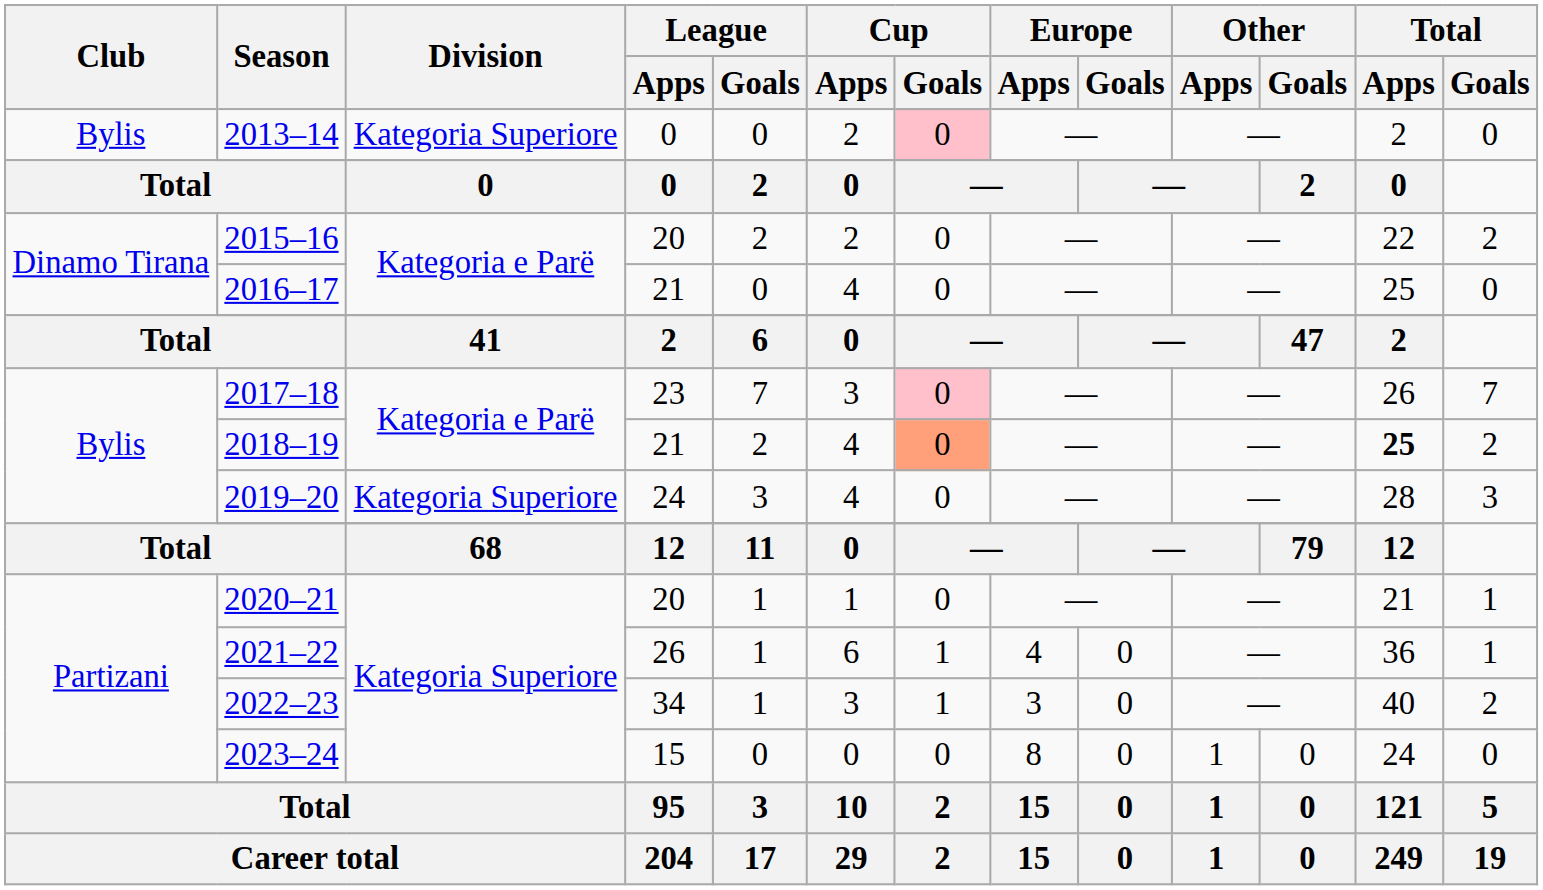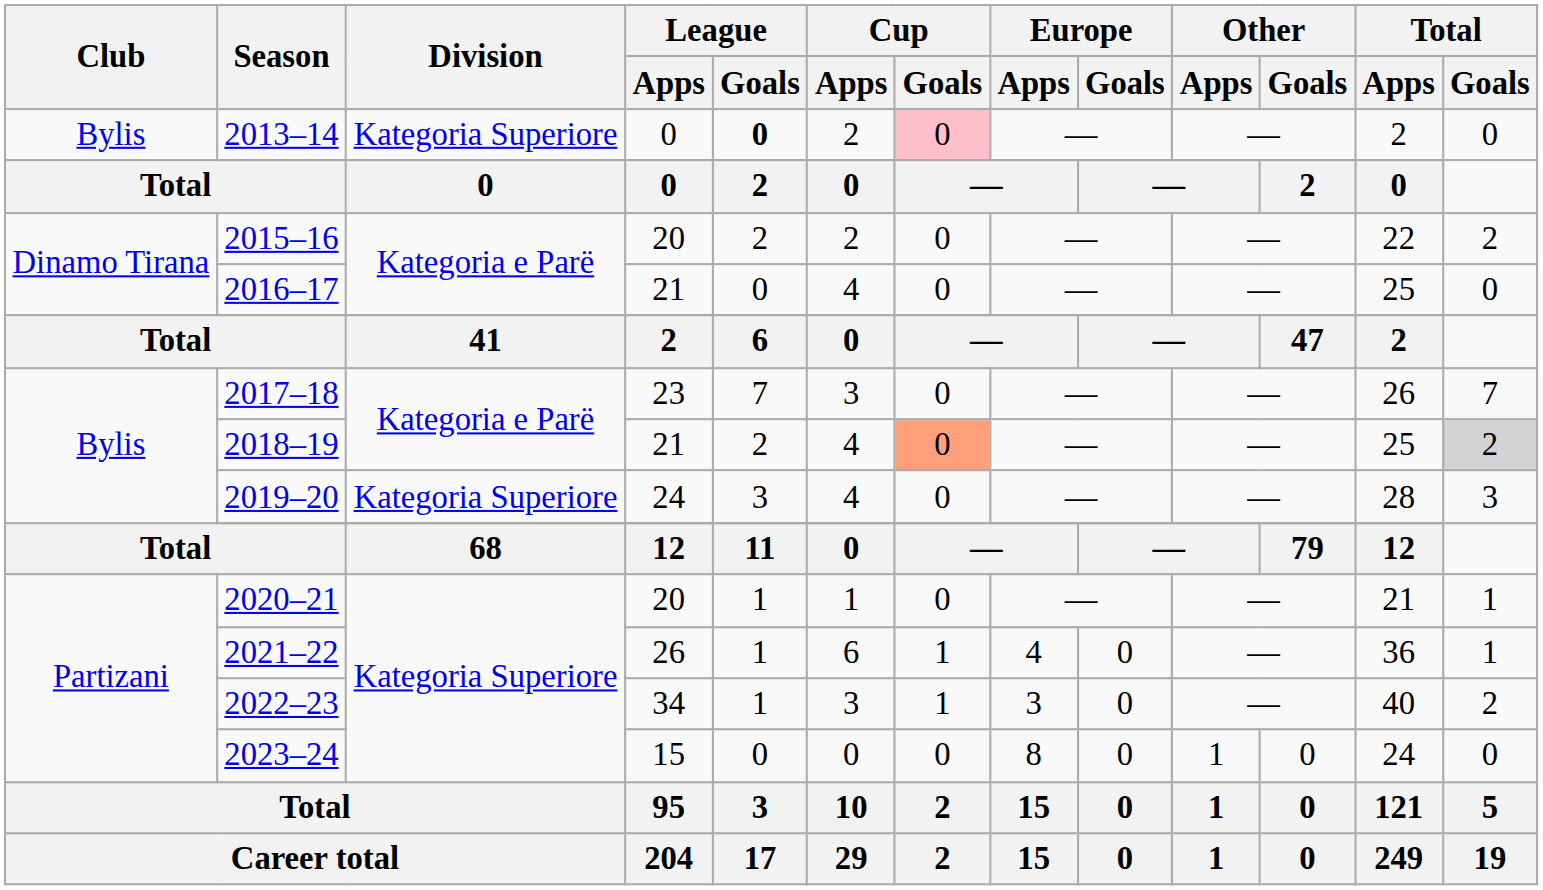 <table class="wikitable" style="text-align: center;">
 <tr>
 <th rowspan="2">Club</th>
 <th rowspan="2">Season</th>
 <th rowspan="2">Division</th>
 <th colspan="2">League</th>
 <th colspan="2">Cup</th>
 <th colspan="2">Europe</th>
 <th colspan="2">Other</th>
 <th colspan="2">Total</th>
 </tr>
 <tr>
 <th>Apps</th>
 <th>Goals</th>
 <th>Apps</th>
 <th>Goals</th>
 <th>Apps</th>
 <th>Goals</th>
 <th>Apps</th>
 <th>Goals</th>
 <th>Apps</th>
 <th>Goals</th>
 </tr>
 <tr>
 <td rowspan="2" valign="center"><a href='#'>Bylis</a></td>
 <td><a href='#'>2013–14</a></td>
 <td rowspan="1"><a href='#'>Kategoria Superiore</a></td>
 <td>0</td>
-<td>0</td>
+<td><strong>0</strong></td>
 <td>2</td>
 <td style="background: pink;">0</td>
 <td colspan="2">—</td>
 <td colspan="2">—</td>
 <td>2</td>
 <td>0</td>
 </tr>
 <tr>
 </tr>
 <tr>
 <th colspan="2" valign="center">Total</th>
 <th>0</th>
 <th>0</th>
 <th>2</th>
 <th>0</th>
 <th colspan="2">—</th>
 <th colspan="2">—</th>
 <th>2</th>
 <th>0</th>
 </tr>
 <tr>
 <td rowspan="3" valign="center"><a href='#'>Dinamo Tirana</a></td>
 <td><a href='#'>2015–16</a></td>
 <td rowspan="2"><a href='#'>Kategoria e Parë</a></td>
 <td>20</td>
 <td>2</td>
 <td>2</td>
 <td>0</td>
 <td colspan="2">—</td>
 <td colspan="2">—</td>
 <td>22</td>
 <td>2</td>
 </tr>
 <tr>
 <td><a href='#'>2016–17</a></td>
 <td>21</td>
 <td>0</td>
 <td>4</td>
 <td>0</td>
 <td colspan="2">—</td>
 <td colspan="2">—</td>
 <td>25</td>
 <td>0</td>
 </tr>
 <tr>
 </tr>
 <tr>
 <th colspan="2" valign="center">Total</th>
 <th>41</th>
 <th>2</th>
 <th>6</th>
 <th>0</th>
 <th colspan="2">—</th>
 <th colspan="2">—</th>
 <th>47</th>
 <th>2</th>
 </tr>
 <tr>
 <td rowspan="4" valign="center"><a href='#'>Bylis</a></td>
 <td><a href='#'>2017–18</a></td>
 <td rowspan="2"><a href='#'>Kategoria e Parë</a></td>
 <td>23</td>
 <td>7</td>
 <td>3</td>
-<td style="background: pink;">0</td>
+<td>0</td>
 <td colspan="2">—</td>
 <td colspan="2">—</td>
 <td>26</td>
 <td>7</td>
 </tr>
 <tr>
 <td><a href='#'>2018–19</a></td>
 <td>21</td>
 <td>2</td>
 <td>4</td>
 <td style="background: lightsalmon;">0</td>
 <td colspan="2">—</td>
 <td colspan="2">—</td>
-<td><strong>25</strong></td>
-<td>2</td>
+<td>25</td>
+<td style="background: lightgrey;">2</td>
 </tr>
 <tr>
 <td><a href='#'>2019–20</a></td>
 <td rowspan="1"><a href='#'>Kategoria Superiore</a></td>
 <td>24</td>
 <td>3</td>
 <td>4</td>
 <td>0</td>
 <td colspan="2">—</td>
 <td colspan="2">—</td>
 <td>28</td>
 <td>3</td>
 </tr>
 <tr>
 </tr>
 <tr>
 <th colspan="2" valign="center">Total</th>
 <th>68</th>
 <th>12</th>
 <th>11</th>
 <th>0</th>
 <th colspan="2">—</th>
 <th colspan="2">—</th>
 <th>79</th>
 <th>12</th>
 </tr>
 <tr>
 <td rowspan="4" valign="center"><a href='#'>Partizani</a></td>
 <td><a href='#'>2020–21</a></td>
 <td rowspan="4"><a href='#'>Kategoria Superiore</a></td>
 <td>20</td>
 <td>1</td>
 <td>1</td>
 <td>0</td>
 <td colspan="2">—</td>
 <td colspan="2">—</td>
 <td>21</td>
 <td>1</td>
 </tr>
 <tr>
 <td><a href='#'>2021–22</a></td>
 <td>26</td>
 <td>1</td>
 <td>6</td>
 <td>1</td>
 <td>4</td>
 <td>0</td>
 <td colspan="2">—</td>
 <td>36</td>
 <td>1</td>
 </tr>
 <tr>
 <td><a href='#'>2022–23</a></td>
 <td>34</td>
 <td>1</td>
 <td>3</td>
 <td>1</td>
 <td>3</td>
 <td>0</td>
 <td colspan="2">—</td>
 <td>40</td>
 <td>2</td>
 </tr>
 <tr>
 <td><a href='#'>2023–24</a></td>
 <td>15</td>
 <td>0</td>
 <td>0</td>
 <td>0</td>
 <td>8</td>
 <td>0</td>
 <td>1</td>
 <td>0</td>
 <td>24</td>
 <td>0</td>
 </tr>
 <tr>
 <th colspan="3" valign="center">Total</th>
 <th>95</th>
 <th>3</th>
 <th>10</th>
 <th>2</th>
 <th>15</th>
 <th>0</th>
 <th>1</th>
 <th>0</th>
 <th>121</th>
 <th>5</th>
 </tr>
 <tr>
 <th colspan="3">Career total</th>
 <th>204</th>
 <th>17</th>
 <th>29</th>
 <th>2</th>
 <th>15</th>
 <th>0</th>
 <th>1</th>
 <th>0</th>
 <th>249</th>
 <th>19</th>
 </tr>
 </table>
